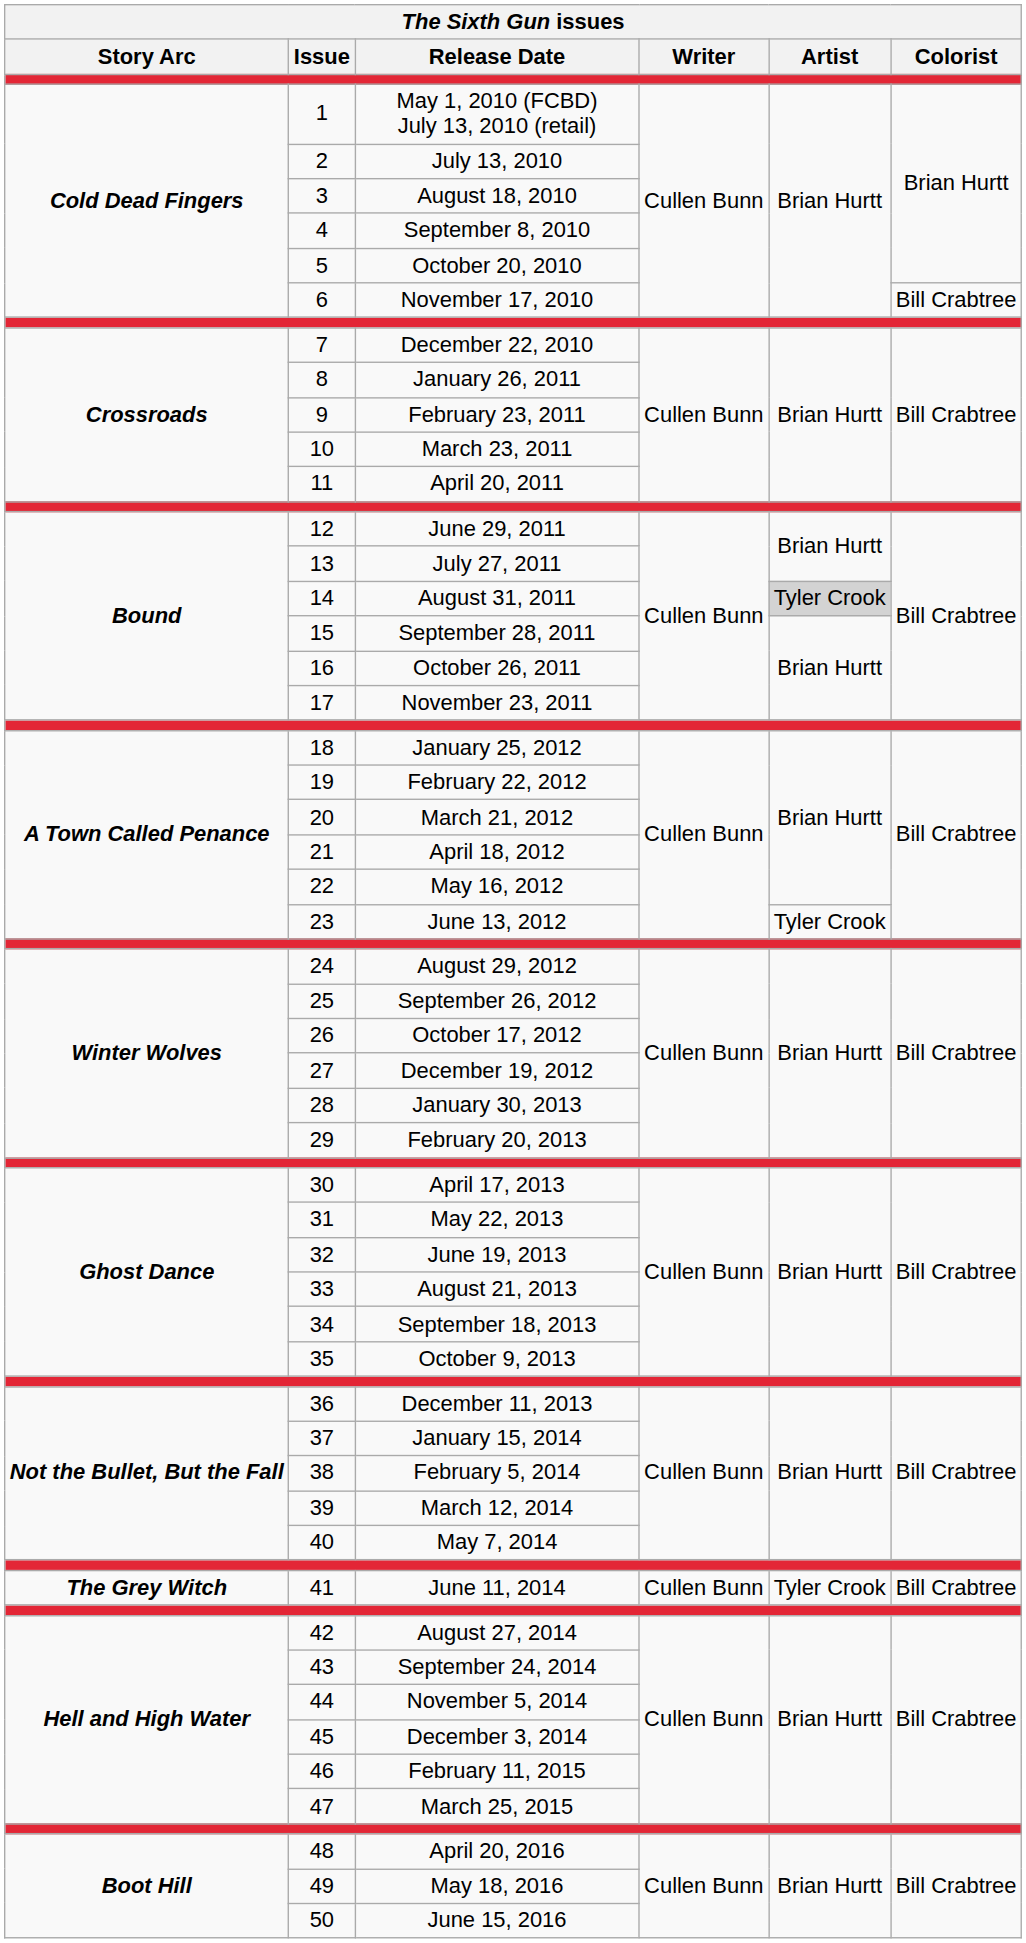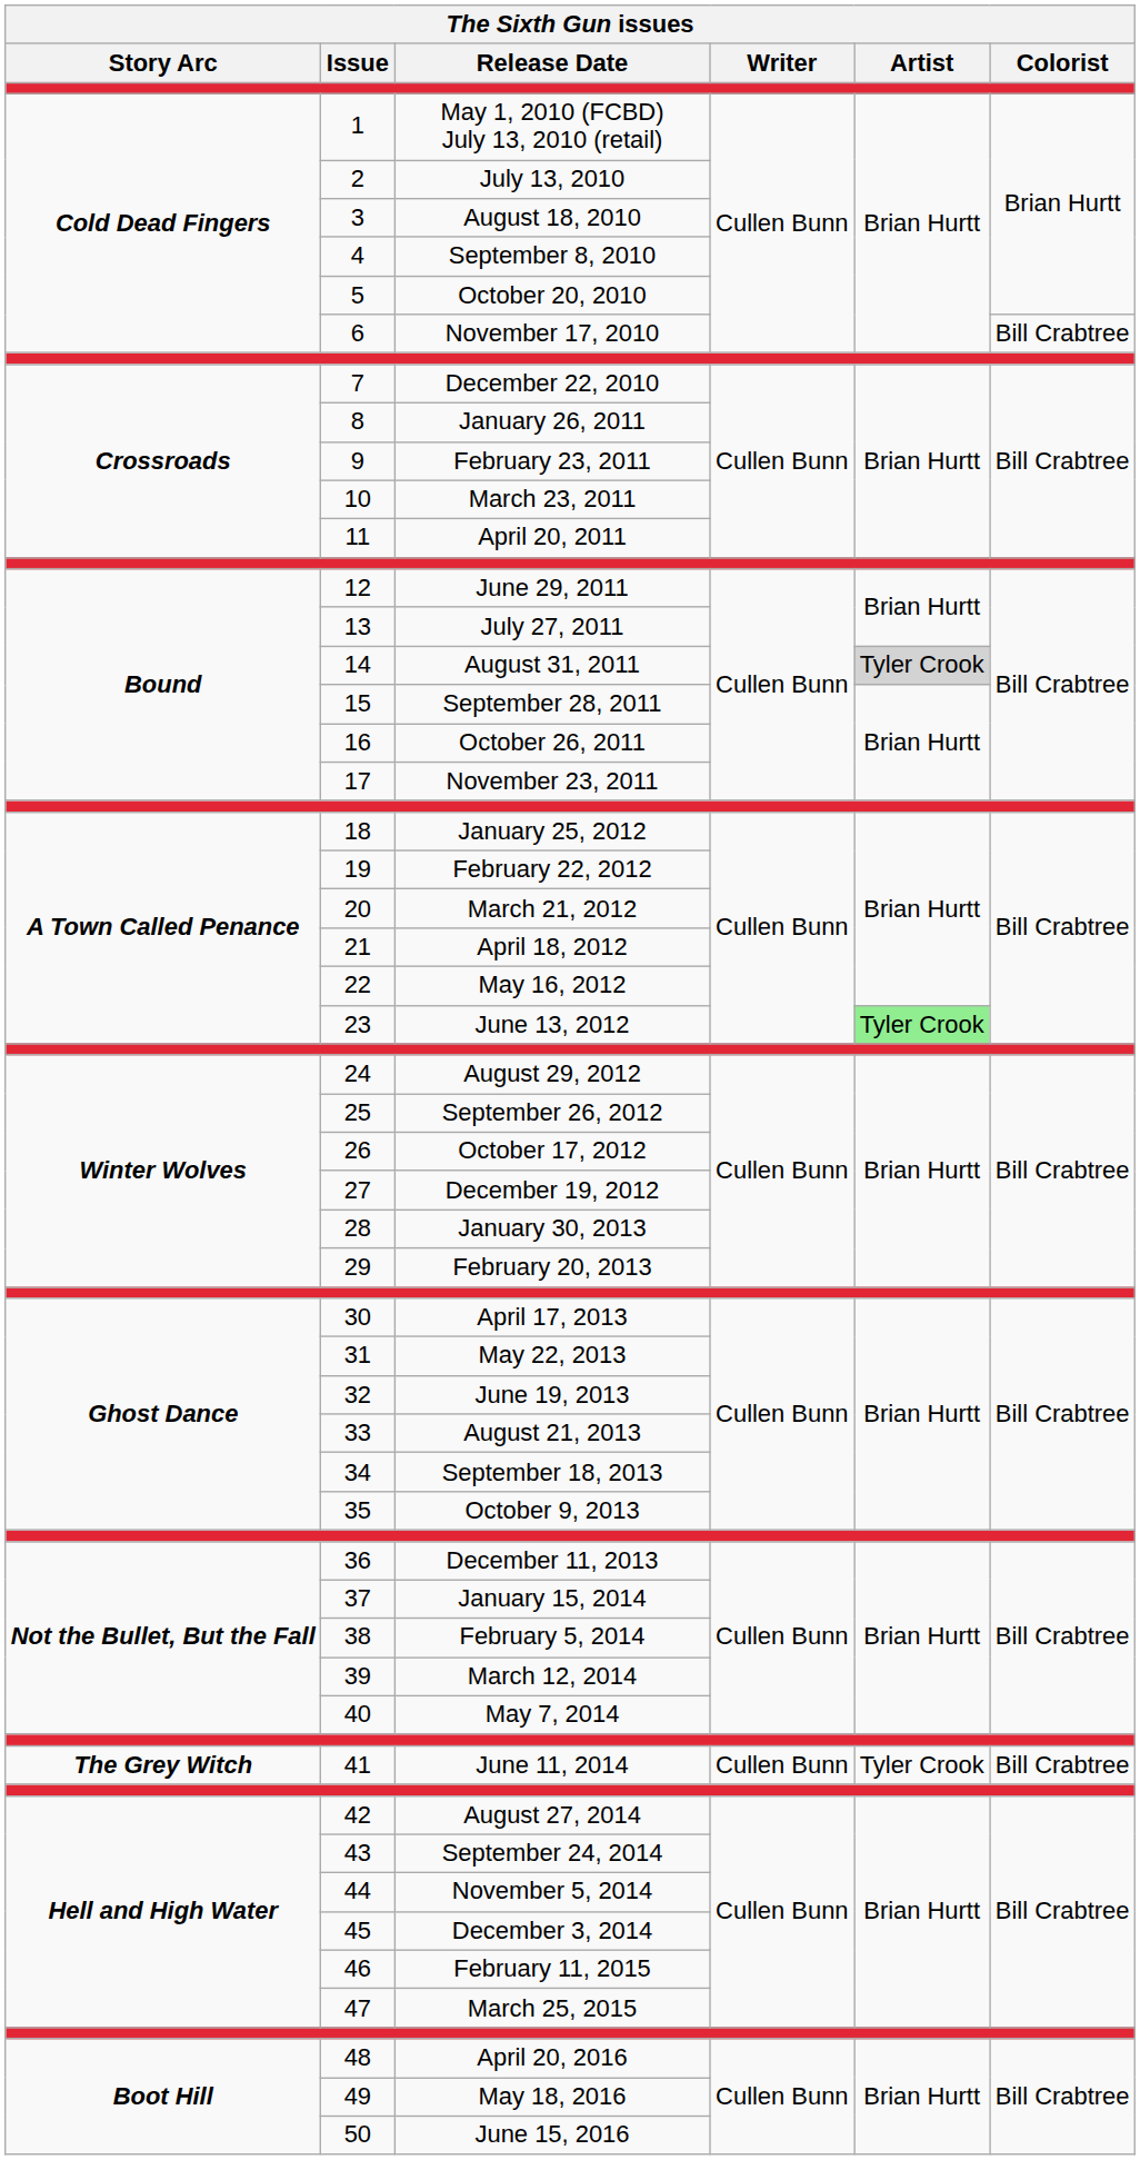 <table class="wikitable mw-collapsible mw-collapsed" style="text-align: center">
 <tr>
 <th colspan=6><em>The Sixth Gun</em> issues</th>
 </tr>
 <tr>
 <th>Story Arc</th>
 <th width="40px">Issue</th>
 <th width="200px">Release Date</th>
 <th>Writer</th>
 <th>Artist</th>
 <th>Colorist</th>
 </tr>
 <tr>
 <td colspan=6 style=background:#e32636;></td>
 </tr>
 <tr>
 <td rowspan=6><strong><em>Cold Dead Fingers</em></strong></td>
 <td>1</td>
 <td>May 1, 2010 (FCBD)<br>July 13, 2010 (retail)</td>
 <td rowspan=6>Cullen Bunn</td>
 <td rowspan=6>Brian Hurtt</td>
 <td rowspan=5>Brian Hurtt</td>
 </tr>
 <tr>
 <td>2</td>
 <td>July 13, 2010</td>
 </tr>
 <tr>
 <td>3</td>
 <td>August 18, 2010</td>
 </tr>
 <tr>
 <td>4</td>
 <td>September 8, 2010</td>
 </tr>
 <tr>
 <td>5</td>
 <td>October 20, 2010</td>
 </tr>
 <tr>
 <td>6</td>
 <td>November 17, 2010</td>
 <td>Bill Crabtree</td>
 </tr>
 <tr>
 <td colspan=6 style=background:#e32636;></td>
 </tr>
 <tr>
 <td rowspan=5><strong><em>Crossroads</em></strong></td>
 <td>7</td>
 <td>December 22, 2010</td>
 <td rowspan=5>Cullen Bunn</td>
 <td rowspan=5>Brian Hurtt</td>
 <td rowspan=5>Bill Crabtree</td>
 </tr>
 <tr>
 <td>8</td>
 <td>January 26, 2011</td>
 </tr>
 <tr>
 <td>9</td>
 <td>February 23, 2011</td>
 </tr>
 <tr>
 <td>10</td>
 <td>March 23, 2011</td>
 </tr>
 <tr>
 <td>11</td>
 <td>April 20, 2011</td>
 </tr>
 <tr>
 <td colspan=6 style=background:#e32636;></td>
 </tr>
 <tr>
 <td rowspan=6><strong><em>Bound</em></strong></td>
 <td>12</td>
 <td>June 29, 2011</td>
 <td rowspan=6>Cullen Bunn</td>
 <td rowspan=2>Brian Hurtt</td>
 <td rowspan=6>Bill Crabtree</td>
 </tr>
 <tr>
 <td>13</td>
 <td>July 27, 2011</td>
 </tr>
 <tr>
 <td>14</td>
 <td>August 31, 2011</td>
 <td style="background: lightgrey;">Tyler Crook</td>
 </tr>
 <tr>
 <td>15</td>
 <td>September 28, 2011</td>
 <td rowspan=3>Brian Hurtt</td>
 </tr>
 <tr>
 <td>16</td>
 <td>October 26, 2011</td>
 </tr>
 <tr>
 <td>17</td>
 <td>November 23, 2011</td>
 </tr>
 <tr>
 <td colspan=6 style=background:#e32636;></td>
 </tr>
 <tr>
 <td rowspan=6><strong><em>A Town Called Penance</em></strong></td>
 <td>18</td>
 <td>January 25, 2012</td>
 <td rowspan=6>Cullen Bunn</td>
 <td rowspan=5>Brian Hurtt</td>
 <td rowspan=6>Bill Crabtree</td>
 </tr>
 <tr>
 <td>19</td>
 <td>February 22, 2012</td>
 </tr>
 <tr>
 <td>20</td>
 <td>March 21, 2012</td>
 </tr>
 <tr>
 <td>21</td>
 <td>April 18, 2012</td>
 </tr>
 <tr>
 <td>22</td>
 <td>May 16, 2012</td>
 </tr>
 <tr>
 <td>23</td>
 <td>June 13, 2012</td>
-<td>Tyler Crook</td>
+<td style="background: lightgreen;">Tyler Crook</td>
 </tr>
 <tr>
 <td colspan=6 style=background:#e32636;></td>
 </tr>
 <tr>
 <td rowspan=6><strong><em>Winter Wolves</em></strong></td>
 <td>24</td>
 <td>August 29, 2012</td>
 <td rowspan=6>Cullen Bunn</td>
 <td rowspan=6>Brian Hurtt</td>
 <td rowspan=6>Bill Crabtree</td>
 </tr>
 <tr>
 <td>25</td>
 <td>September 26, 2012</td>
 </tr>
 <tr>
 <td>26</td>
 <td>October 17, 2012</td>
 </tr>
 <tr>
 <td>27</td>
 <td>December 19, 2012</td>
 </tr>
 <tr>
 <td>28</td>
 <td>January 30, 2013</td>
 </tr>
 <tr>
 <td>29</td>
 <td>February 20, 2013</td>
 </tr>
 <tr>
 <td colspan=6 style=background:#e32636;></td>
 </tr>
 <tr>
 <td rowspan=6><strong><em>Ghost Dance</em></strong></td>
 <td>30</td>
 <td>April 17, 2013</td>
 <td rowspan=6>Cullen Bunn</td>
 <td rowspan=6>Brian Hurtt</td>
 <td rowspan=6>Bill Crabtree</td>
 </tr>
 <tr>
 <td>31</td>
 <td>May 22, 2013</td>
 </tr>
 <tr>
 <td>32</td>
 <td>June 19, 2013</td>
 </tr>
 <tr>
 <td>33</td>
 <td>August 21, 2013</td>
 </tr>
 <tr>
 <td>34</td>
 <td>September 18, 2013</td>
 </tr>
 <tr>
 <td>35</td>
 <td>October 9, 2013</td>
 </tr>
 <tr>
 <td colspan=6 style=background:#e32636;></td>
 </tr>
 <tr>
 <td rowspan=5><strong><em>Not the Bullet, But the Fall</em></strong></td>
 <td>36</td>
 <td>December 11, 2013</td>
 <td rowspan=5>Cullen Bunn</td>
 <td rowspan=5>Brian Hurtt</td>
 <td rowspan=5>Bill Crabtree</td>
 </tr>
 <tr>
 <td>37</td>
 <td>January 15, 2014</td>
 </tr>
 <tr>
 <td>38</td>
 <td>February 5, 2014</td>
 </tr>
 <tr>
 <td>39</td>
 <td>March 12, 2014</td>
 </tr>
 <tr>
 <td>40</td>
 <td>May 7, 2014</td>
 </tr>
 <tr>
 <td colspan=6 style=background:#e32636;></td>
 </tr>
 <tr>
 <td><strong><em>The Grey Witch</em></strong></td>
 <td>41</td>
 <td>June 11, 2014</td>
 <td>Cullen Bunn</td>
 <td>Tyler Crook</td>
 <td>Bill Crabtree</td>
 </tr>
 <tr>
 <td colspan=6 style=background:#e32636;></td>
 </tr>
 <tr>
 <td rowspan=6><strong><em>Hell and High Water</em></strong></td>
 <td>42</td>
 <td>August 27, 2014</td>
 <td rowspan=6>Cullen Bunn</td>
 <td rowspan=6>Brian Hurtt</td>
 <td rowspan=6>Bill Crabtree</td>
 </tr>
 <tr>
 <td>43</td>
 <td>September 24, 2014</td>
 </tr>
 <tr>
 <td>44</td>
 <td>November 5, 2014</td>
 </tr>
 <tr>
 <td>45</td>
 <td>December 3, 2014</td>
 </tr>
 <tr>
 <td>46</td>
 <td>February 11, 2015</td>
 </tr>
 <tr>
 <td>47</td>
 <td>March 25, 2015</td>
 </tr>
 <tr>
 <td colspan=6 style=background:#e32636;></td>
 </tr>
 <tr>
 <td rowspan=3><strong><em>Boot Hill</em></strong></td>
 <td>48</td>
 <td>April 20, 2016</td>
 <td rowspan=3>Cullen Bunn</td>
 <td rowspan=3>Brian Hurtt</td>
 <td rowspan=3>Bill Crabtree</td>
 </tr>
 <tr>
 <td>49</td>
 <td>May 18, 2016</td>
 </tr>
 <tr>
 <td>50</td>
 <td>June 15, 2016</td>
 </tr>
 </table>
